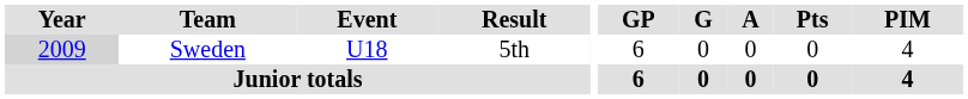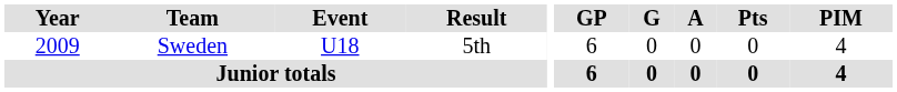 <table border="0" cellpadding="1" cellspacing="0" ID="Table3" style="text-align:center; width:40em">
 <tr ALIGN="center" bgcolor="#e0e0e0">
 <th>Year</th>
 <th>Team</th>
 <th>Event</th>
 <th>Result</th>
 <th rowspan="99" bgcolor="#ffffff"></th>
 <th>GP</th>
 <th>G</th>
 <th>A</th>
 <th>Pts</th>
 <th>PIM</th>
 </tr>
 <tr>
-<td style="background: lightgrey;"><a href='#'>2009</a></td>
+<td><a href='#'>2009</a></td>
 <td><a href='#'>Sweden</a></td>
 <td><a href='#'>U18</a></td>
 <td>5th</td>
 <td>6</td>
 <td>0</td>
 <td>0</td>
 <td>0</td>
 <td>4</td>
 </tr>
 <tr bgcolor="#e0e0e0">
 <th colspan="4">Junior totals</th>
 <th>6</th>
 <th>0</th>
 <th>0</th>
 <th>0</th>
 <th>4</th>
 </tr>
 </table>
